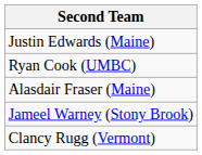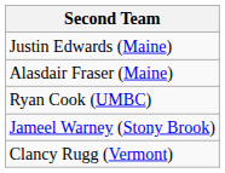 <table class="wikitable">
 <tr>
 <th>Second Team</th>
 </tr>
 <tr>
 <td>Justin Edwards (<a href='#'>Maine</a>)</td>
 </tr>
 <tr>
-<td>Ryan Cook (<a href='#'>UMBC</a>)</td>
+<td>Alasdair Fraser (<a href='#'>Maine</a>)</td>
 </tr>
 <tr>
-<td>Alasdair Fraser (<a href='#'>Maine</a>)</td>
+<td>Ryan Cook (<a href='#'>UMBC</a>)</td>
 </tr>
 <tr>
 <td><a href='#'>Jameel Warney</a> (<a href='#'>Stony Brook</a>)</td>
 </tr>
 <tr>
 <td>Clancy Rugg (<a href='#'>Vermont</a>)</td>
 </tr>
 </table>
